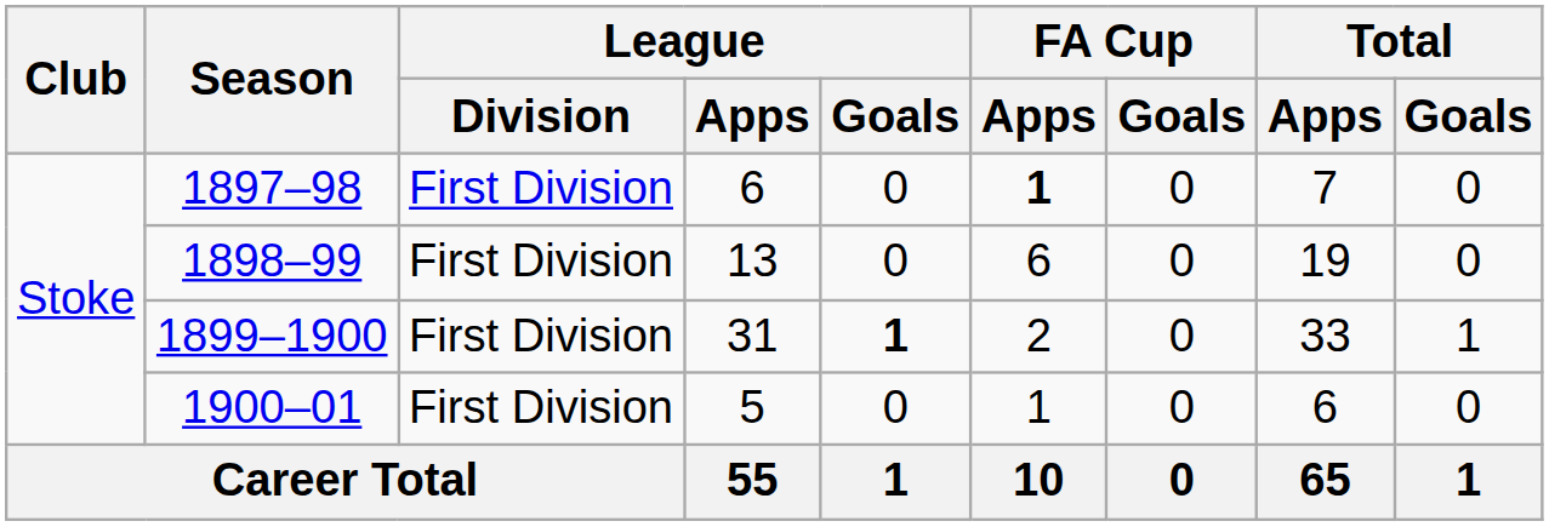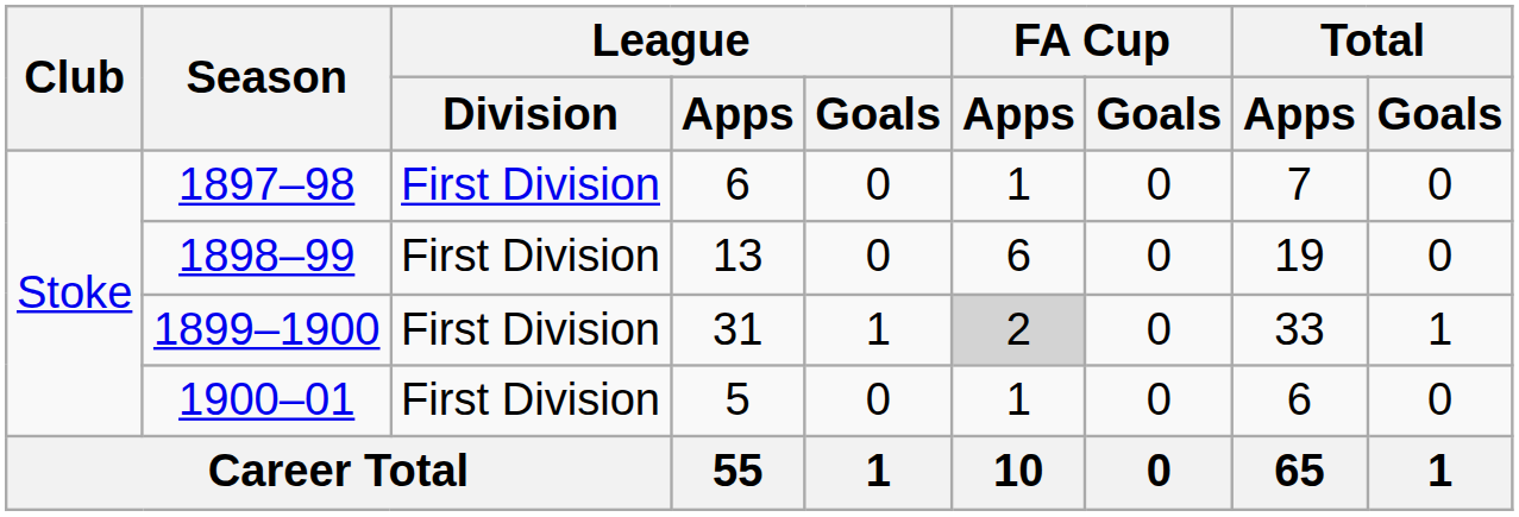 <table class="wikitable" style="text-align: center;">
 <tr>
 <th rowspan="2">Club</th>
 <th rowspan="2">Season</th>
 <th colspan="3">League</th>
 <th colspan="2">FA Cup</th>
 <th colspan="2">Total</th>
 </tr>
 <tr>
 <th>Division</th>
 <th>Apps</th>
 <th>Goals</th>
 <th>Apps</th>
 <th>Goals</th>
 <th>Apps</th>
 <th>Goals</th>
 </tr>
 <tr>
 <td rowspan="4"><a href='#'>Stoke</a></td>
 <td><a href='#'>1897–98</a></td>
 <td><a href='#'>First Division</a></td>
 <td>6</td>
 <td>0</td>
-<td><strong>1</strong></td>
+<td>1</td>
 <td>0</td>
 <td>7</td>
 <td>0</td>
 </tr>
 <tr>
 <td><a href='#'>1898–99</a></td>
 <td>First Division</td>
 <td>13</td>
 <td>0</td>
 <td>6</td>
 <td>0</td>
 <td>19</td>
 <td>0</td>
 </tr>
 <tr>
 <td><a href='#'>1899–1900</a></td>
 <td>First Division</td>
 <td>31</td>
-<td><strong>1</strong></td>
-<td>2</td>
+<td>1</td>
+<td style="background: lightgrey;">2</td>
 <td>0</td>
 <td>33</td>
 <td>1</td>
 </tr>
 <tr>
 <td><a href='#'>1900–01</a></td>
 <td>First Division</td>
 <td>5</td>
 <td>0</td>
 <td>1</td>
 <td>0</td>
 <td>6</td>
 <td>0</td>
 </tr>
 <tr>
 <th colspan="3">Career Total</th>
 <th>55</th>
 <th>1</th>
 <th>10</th>
 <th>0</th>
 <th>65</th>
 <th>1</th>
 </tr>
 </table>
